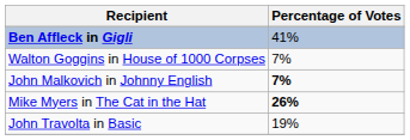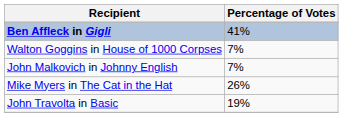 <table class="wikitable sortable plainrowheaders" align="centre">
 <tr>
 <th>Recipient</th>
 <th>Percentage of Votes</th>
 </tr>
 <tr>
 </tr>
 <tr style="background:#B0C4DE;">
 <td><strong><a href='#'>Ben Affleck</a> in <em><a href='#'>Gigli</a><strong><em></td>
 <td></strong>41%<strong></td>
 </tr>
 <tr>
 <td><a href='#'>Walton Goggins</a> in </em><a href='#'>House of 1000 Corpses</a><em></td>
 <td>7%</td>
 </tr>
 <tr>
 <td><a href='#'>John Malkovich</a> in </em><a href='#'>Johnny English</a><em></td>
-<td><strong>7%</strong></td>
+<td>7%</td>
 </tr>
 <tr>
 <td><a href='#'>Mike Myers</a> in </em><a href='#'>The Cat in the Hat</a><em></td>
-<td><strong>26%</strong></td>
+<td>26%</td>
 </tr>
 <tr>
 <td><a href='#'>John Travolta</a> in </em><a href='#'>Basic</a><em></td>
 <td>19%</td>
 </tr>
 <tr>
 </tr>
 </table>
